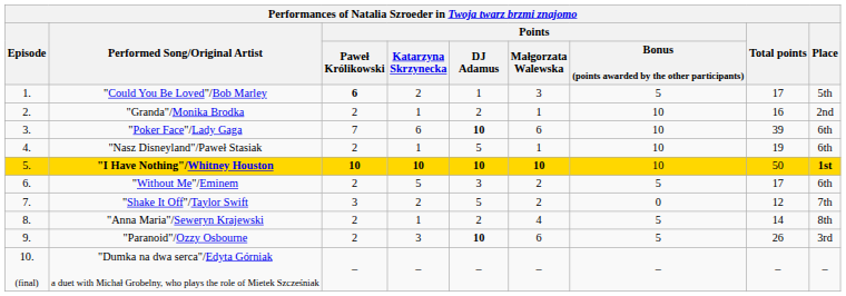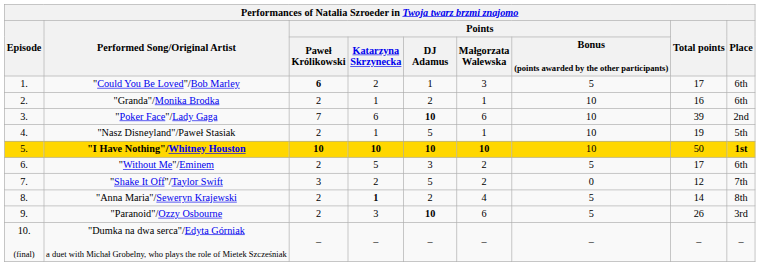 <table class="wikitable collapsible collapsed">
 <tr>
 <th colspan="9">Performances of Natalia Szroeder in <em><a href='#'>Twoja twarz brzmi znajomo</a></em></th>
 </tr>
 <tr>
 <th rowspan="2">Episode</th>
 <th rowspan="2">Performed Song/Original Artist</th>
 <th colspan="5">Points</th>
 <th rowspan="2">Total points</th>
 <th rowspan="2">Place</th>
 </tr>
 <tr>
 <th width="75px">Paweł<br>Królikowski</th>
 <th width="75px"><a href='#'>Katarzyna Skrzynecka</a></th>
 <th width="75px">DJ Adamus</th>
 <th width="75px">Małgorzata<br>Walewska</th>
 <th>Bonus<br><br><small>(points awarded by the other participants)</small></th>
 </tr>
 <tr>
 <td style="text-align:center">1.</td>
 <td style="text-align:center">"<a href='#'>Could You Be Loved</a>"/<a href='#'>Bob Marley</a></td>
 <td style="text-align:center"><strong>6</strong></td>
 <td style="text-align:center">2</td>
 <td style="text-align:center">1</td>
 <td style="text-align:center">3</td>
 <td style="text-align:center">5</td>
 <td style="text-align:center">17</td>
-<td style="text-align:center">5th</td>
+<td style="text-align:center">6th</td>
 </tr>
 <tr>
 <td style="text-align:center">2.</td>
 <td style="text-align:center">"Granda"/<a href='#'>Monika Brodka</a></td>
 <td style="text-align:center">2</td>
 <td style="text-align:center">1</td>
 <td style="text-align:center">2</td>
 <td style="text-align:center">1</td>
 <td style="text-align:center">10</td>
 <td style="text-align:center">16</td>
-<td style="text-align:center">2nd</td>
+<td style="text-align:center">6th</td>
 </tr>
 <tr>
 <td style="text-align:center">3.</td>
 <td style="text-align:center">"<a href='#'>Poker Face</a>"/<a href='#'>Lady Gaga</a></td>
 <td style="text-align:center">7</td>
 <td style="text-align:center">6</td>
 <td style="text-align:center"><strong>10</strong></td>
 <td style="text-align:center">6</td>
 <td style="text-align:center">10</td>
 <td style="text-align:center">39</td>
-<td style="text-align:center">6th</td>
+<td style="text-align:center">2nd</td>
 </tr>
 <tr>
 <td style="text-align:center">4.</td>
 <td style="text-align:center">"Nasz Disneyland"/Paweł Stasiak</td>
 <td style="text-align:center">2</td>
 <td style="text-align:center">1</td>
 <td style="text-align:center">5</td>
 <td style="text-align:center">1</td>
 <td style="text-align:center">10</td>
 <td style="text-align:center">19</td>
-<td style="text-align:center">6th</td>
+<td style="text-align:center">5th</td>
 </tr>
 <tr bgcolor="gold">
 <td style="text-align:center">5.</td>
 <td style="text-align:center"><strong>"I Have Nothing"/<a href='#'>Whitney Houston</a></strong></td>
 <td style="text-align:center"><strong>10</strong></td>
 <td style="text-align:center"><strong>10</strong></td>
 <td style="text-align:center"><strong>10</strong></td>
 <td style="text-align:center"><strong>10</strong></td>
 <td style="text-align:center">10</td>
 <td style="text-align:center">50</td>
 <td style="text-align:center"><strong>1st</strong></td>
 </tr>
 <tr>
 <td style="text-align:center">6.</td>
 <td style="text-align:center">"<a href='#'>Without Me</a>"/<a href='#'>Eminem</a></td>
 <td style="text-align:center">2</td>
 <td style="text-align:center">5</td>
 <td style="text-align:center">3</td>
 <td style="text-align:center">2</td>
 <td style="text-align:center">5</td>
 <td style="text-align:center">17</td>
 <td style="text-align:center">6th</td>
 </tr>
 <tr>
 <td style="text-align:center">7.</td>
 <td style="text-align:center">"<a href='#'>Shake It Off</a>"/<a href='#'>Taylor Swift</a></td>
 <td style="text-align:center">3</td>
 <td style="text-align:center">2</td>
 <td style="text-align:center">5</td>
 <td style="text-align:center">2</td>
 <td style="text-align:center">0</td>
 <td style="text-align:center">12</td>
 <td style="text-align:center">7th</td>
 </tr>
 <tr>
 <td style="text-align:center">8.</td>
 <td style="text-align:center">"Anna Maria"/<a href='#'>Seweryn Krajewski</a></td>
 <td style="text-align:center">2</td>
-<td style="text-align:center">1</td>
+<td style="text-align:center"><strong>1</strong></td>
 <td style="text-align:center">2</td>
 <td style="text-align:center">4</td>
 <td style="text-align:center">5</td>
 <td style="text-align:center">14</td>
 <td style="text-align:center">8th</td>
 </tr>
 <tr>
 <td style="text-align:center">9.</td>
 <td style="text-align:center">"Paranoid"/<a href='#'>Ozzy Osbourne</a></td>
 <td style="text-align:center">2</td>
 <td style="text-align:center">3</td>
 <td style="text-align:center"><strong>10</strong></td>
 <td style="text-align:center">6</td>
 <td style="text-align:center">5</td>
 <td style="text-align:center">26</td>
 <td style="text-align:center">3rd</td>
 </tr>
 <tr>
 <td style="text-align:center">10.<br><br><small>(final)</small></td>
 <td style="text-align:center">"Dumka na dwa serca"/<a href='#'>Edyta Górniak</a><br><br><small>a duet with Michał Grobelny, who plays the role of Mietek Szcześniak</small></td>
 <td style="text-align:center">–</td>
 <td style="text-align:center">–</td>
 <td style="text-align:center">–</td>
 <td style="text-align:center">–</td>
 <td style="text-align:center">–</td>
 <td style="text-align:center">–</td>
 <td style="text-align:center">–</td>
 </tr>
 </table>
